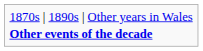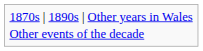 <table class="infobox" id="toc">
 <tr>
 <td align="left"><a href='#'>1870s</a> | <a href='#'>1890s</a> | <a href='#'>Other years in Wales</a></td>
 </tr>
 <tr>
-<td><strong><a href='#'>Other events of the decade</a></strong></td>
+<td><a href='#'>Other events of the decade</a></td>
 </tr>
 </table>
